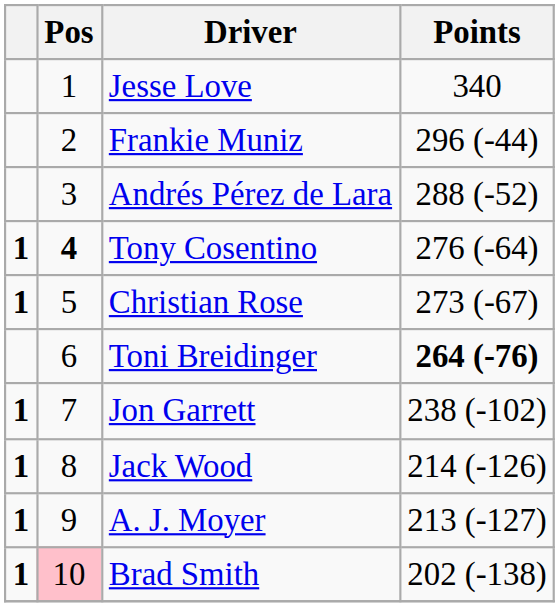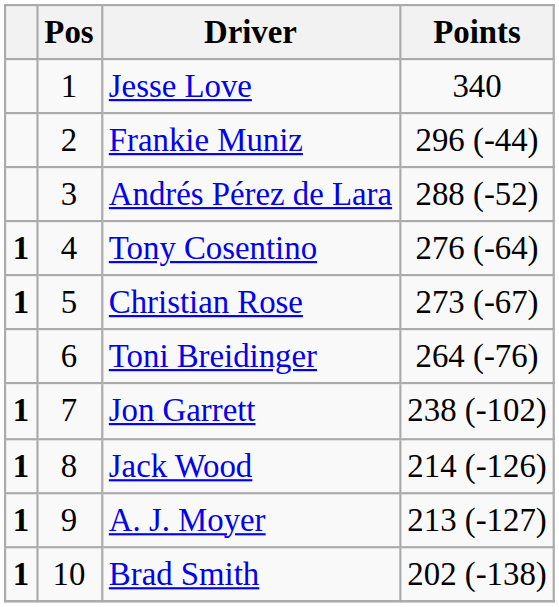 <table class="wikitable" style="font-size: 95%;">
 <tr>
 <th></th>
 <th>Pos</th>
 <th>Driver</th>
 <th>Points</th>
 </tr>
 <tr>
 <td align="left"></td>
 <td style="text-align:center;">1</td>
 <td><a href='#'>Jesse Love</a></td>
 <td style="text-align:center;">340</td>
 </tr>
 <tr>
 <td align="left"></td>
 <td style="text-align:center;">2</td>
 <td><a href='#'>Frankie Muniz</a></td>
 <td style="text-align:center;">296 (-44)</td>
 </tr>
 <tr>
 <td align="left"></td>
 <td style="text-align:center;">3</td>
 <td><a href='#'>Andrés Pérez de Lara</a></td>
 <td style="text-align:center;">288 (-52)</td>
 </tr>
 <tr>
 <td align="left"> <strong>1</strong></td>
-<td style="text-align:center;"><strong>4</strong></td>
+<td style="text-align:center;">4</td>
 <td><a href='#'>Tony Cosentino</a></td>
 <td style="text-align:center;">276 (-64)</td>
 </tr>
 <tr>
 <td align="left"> <strong>1</strong></td>
 <td style="text-align:center;">5</td>
 <td><a href='#'>Christian Rose</a></td>
 <td style="text-align:center;">273 (-67)</td>
 </tr>
 <tr>
 <td align="left"></td>
 <td style="text-align:center;">6</td>
 <td><a href='#'>Toni Breidinger</a></td>
-<td style="text-align:center;"><strong>264 (-76)</strong></td>
+<td style="text-align:center;">264 (-76)</td>
 </tr>
 <tr>
 <td align="left"> <strong>1</strong></td>
 <td style="text-align:center;">7</td>
 <td><a href='#'>Jon Garrett</a></td>
 <td style="text-align:center;">238 (-102)</td>
 </tr>
 <tr>
 <td align="left"> <strong>1</strong></td>
 <td style="text-align:center;">8</td>
 <td><a href='#'>Jack Wood</a></td>
 <td style="text-align:center;">214 (-126)</td>
 </tr>
 <tr>
 <td align="left"> <strong>1</strong></td>
 <td style="text-align:center;">9</td>
 <td><a href='#'>A. J. Moyer</a></td>
 <td style="text-align:center;">213 (-127)</td>
 </tr>
 <tr>
 <td align="left"> <strong>1</strong></td>
-<td style="background: pink; text-align:center;">10</td>
+<td style="text-align:center;">10</td>
 <td><a href='#'>Brad Smith</a></td>
 <td style="text-align:center;">202 (-138)</td>
 </tr>
 <tr class="sortbottom">
 </tr>
 </table>
